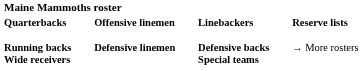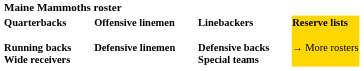 <table class="toccolours" style="text-align: left;">
 <tr>
 <th colspan="7">Maine Mammoths roster</th>
 </tr>
 <tr>
 <td style="font-size: 95%;vertical-align:top;"><strong>Quarterbacks</strong><br> <br><strong>Running backs</strong> <br><strong>Wide receivers</strong>   </td>
 <td style="width: 25px;"></td>
 <td style="font-size: 95%;vertical-align:top;"><strong>Offensive linemen</strong><br>   <br><strong>Defensive linemen</strong>     </td>
 <td style="width: 25px;"></td>
 <td style="font-size: 95%;vertical-align:top;"><strong>Linebackers</strong><br> <br><strong>Defensive backs</strong>    <br><strong>Special teams</strong> </td>
 <td style="width: 25px;"></td>
-<td style="font-size: 95%;vertical-align:top;"><strong>Reserve lists</strong><br>         <br> → More rosters</td>
+<td style="background: gold; font-size: 95%;vertical-align:top;"><strong>Reserve lists</strong><br>         <br> → More rosters</td>
 </tr>
 <tr>
 </tr>
 </table>
